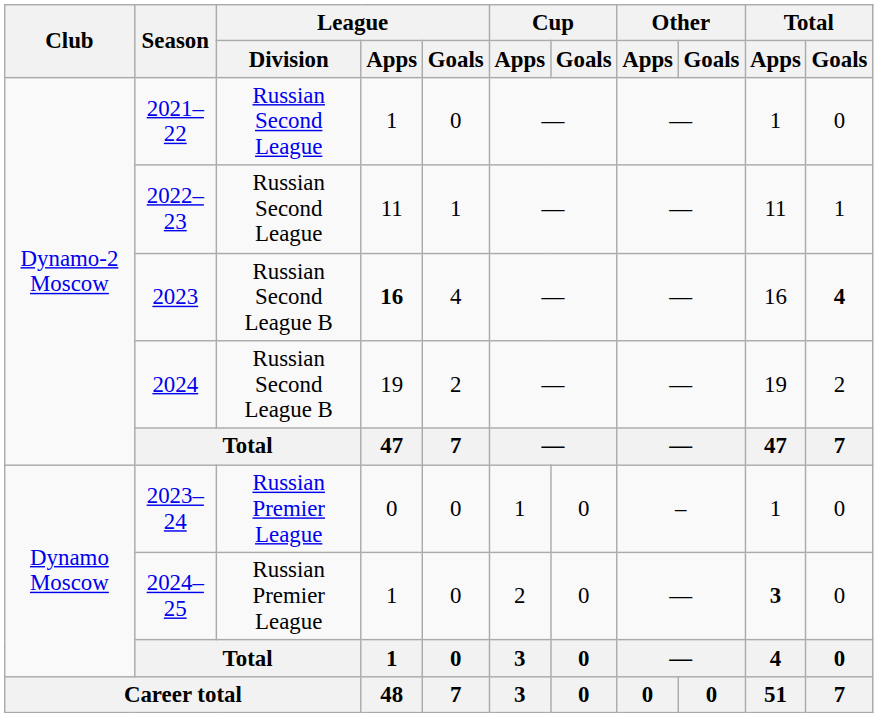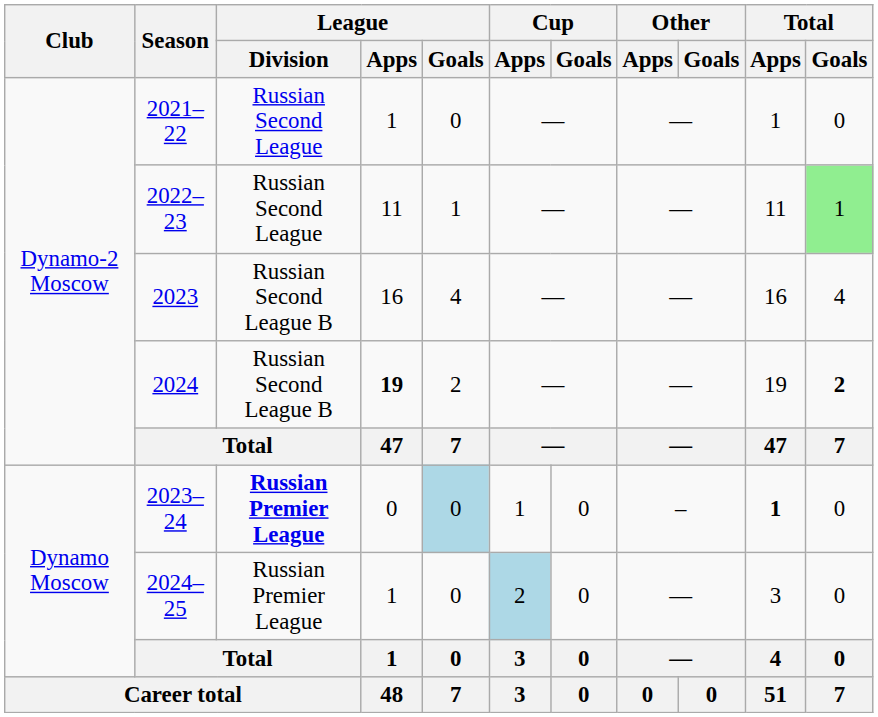 <table class="wikitable" style="text-align: center;">
 <tr>
 <th rowspan=2>Club</th>
 <th rowspan=2>Season</th>
 <th colspan=3>League</th>
 <th colspan=2>Cup</th>
 <th colspan=2>Other</th>
 <th colspan=2>Total</th>
 </tr>
 <tr>
 <th>Division</th>
 <th>Apps</th>
 <th>Goals</th>
 <th>Apps</th>
 <th>Goals</th>
 <th>Apps</th>
 <th>Goals</th>
 <th>Apps</th>
 <th>Goals</th>
 </tr>
 <tr>
 <td rowspan="5"><a href='#'>Dynamo-2 Moscow</a></td>
 <td><a href='#'>2021–22</a></td>
 <td><a href='#'>Russian Second League</a></td>
 <td>1</td>
 <td>0</td>
 <td colspan="2">—</td>
 <td colspan="2">—</td>
 <td>1</td>
 <td>0</td>
 </tr>
 <tr>
 <td><a href='#'>2022–23</a></td>
 <td>Russian Second League</td>
 <td>11</td>
 <td>1</td>
 <td colspan="2">—</td>
 <td colspan="2">—</td>
 <td>11</td>
-<td>1</td>
+<td style="background: lightgreen;">1</td>
 </tr>
 <tr>
 <td><a href='#'>2023</a></td>
 <td>Russian Second League B</td>
-<td><strong>16</strong></td>
+<td>16</td>
 <td>4</td>
 <td colspan="2">—</td>
 <td colspan="2">—</td>
 <td>16</td>
-<td><strong>4</strong></td>
+<td>4</td>
 </tr>
 <tr>
 <td><a href='#'>2024</a></td>
 <td>Russian Second League B</td>
-<td>19</td>
+<td><strong>19</strong></td>
 <td>2</td>
 <td colspan="2">—</td>
 <td colspan="2">—</td>
 <td>19</td>
-<td>2</td>
+<td><strong>2</strong></td>
 </tr>
 <tr>
 <th colspan="2">Total</th>
 <th>47</th>
 <th>7</th>
 <th colspan="2">—</th>
 <th colspan="2">—</th>
 <th>47</th>
 <th>7</th>
 </tr>
 <tr>
 <td rowspan="3"><a href='#'>Dynamo Moscow</a></td>
 <td><a href='#'>2023–24</a></td>
-<td><a href='#'>Russian Premier League</a></td>
+<td><strong><a href='#'>Russian Premier League</a></strong></td>
 <td>0</td>
-<td>0</td>
+<td style="background: lightblue;">0</td>
 <td>1</td>
 <td>0</td>
 <td colspan="2">–</td>
-<td>1</td>
+<td><strong>1</strong></td>
 <td>0</td>
 </tr>
 <tr>
 <td><a href='#'>2024–25</a></td>
 <td>Russian Premier League</td>
 <td>1</td>
 <td>0</td>
-<td>2</td>
+<td style="background: lightblue;">2</td>
 <td>0</td>
 <td colspan="2">—</td>
-<td><strong>3</strong></td>
+<td>3</td>
 <td>0</td>
 </tr>
 <tr>
 <th colspan="2">Total</th>
 <th>1</th>
 <th>0</th>
 <th>3</th>
 <th>0</th>
 <th colspan="2">—</th>
 <th>4</th>
 <th>0</th>
 </tr>
 <tr>
 <th colspan="3">Career total</th>
 <th>48</th>
 <th>7</th>
 <th>3</th>
 <th>0</th>
 <th>0</th>
 <th>0</th>
 <th>51</th>
 <th>7</th>
 </tr>
 </table>
